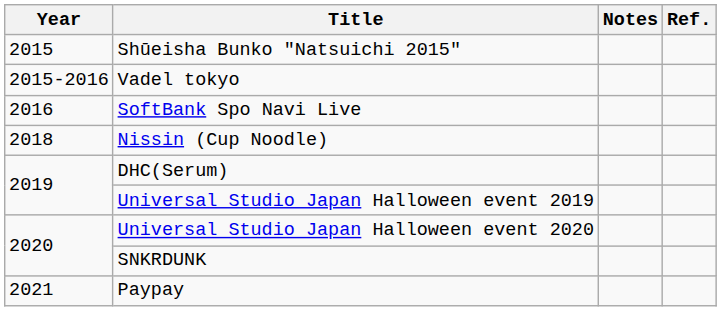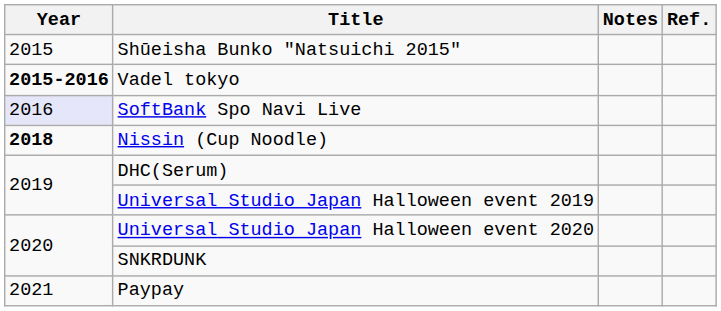 <table class="wikitable">
 <tr>
 <th>Year</th>
 <th>Title</th>
 <th>Notes</th>
 <th>Ref.</th>
 </tr>
 <tr>
 <td>2015</td>
 <td>Shūeisha Bunko "Natsuichi 2015"</td>
 <td></td>
 <td></td>
 </tr>
 <tr>
-<td>2015-2016</td>
+<td><strong>2015-2016</strong></td>
 <td>Vadel tokyo</td>
 <td></td>
 <td></td>
 </tr>
 <tr>
-<td>2016</td>
+<td style="background: lavender;">2016</td>
 <td><a href='#'>SoftBank</a> Spo Navi Live</td>
 <td></td>
 <td></td>
 </tr>
 <tr>
-<td>2018</td>
+<td><strong>2018</strong></td>
 <td><a href='#'>Nissin</a> (Cup Noodle)</td>
 <td></td>
 <td></td>
 </tr>
 <tr>
 <td rowspan="2">2019</td>
 <td>DHC(Serum)</td>
 <td></td>
 <td></td>
 </tr>
 <tr>
 <td><a href='#'>Universal Studio Japan</a> Halloween event 2019</td>
 <td></td>
 <td></td>
 </tr>
 <tr>
 <td rowspan="2">2020</td>
 <td><a href='#'>Universal Studio Japan</a> Halloween event 2020</td>
 <td></td>
 <td></td>
 </tr>
 <tr>
 <td>SNKRDUNK</td>
 <td></td>
 <td></td>
 </tr>
 <tr>
 <td>2021</td>
 <td>Paypay</td>
 <td></td>
 <td></td>
 </tr>
 </table>
